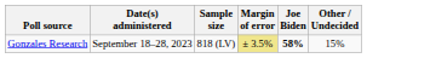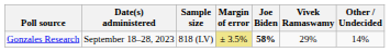 <table class="wikitable sortable mw-datatable" style="font-size:90%;text-align:center;line-height:17px">
 <tr valign=bottom>
 <th>Poll source</th>
 <th>Date(s)<br>administered</th>
 <th>Sample<br>size</th>
 <th>Margin<br>of error</th>
 <th class="unsortable">Joe<br>Biden<br></th>
+<th class="unsortable">Vivek<br>Ramaswamy<br></th>
 <th class="unsortable">Other /<br>Undecided</th>
 </tr>
 <tr>
 <td style="text-align:left;"><a href='#'>Gonzales Research</a></td>
 <td data-sort-value=2023-09-28>September 18–28, 2023</td>
 <td>818 (LV)</td>
 <td style="background: khaki;">± 3.5%</td>
 <td style="color:black;background-color:"><strong>58%</strong></td>
-<td>15%</td>
+<td>29%</td>
+<td>14%</td>
 </tr>
 </table>
